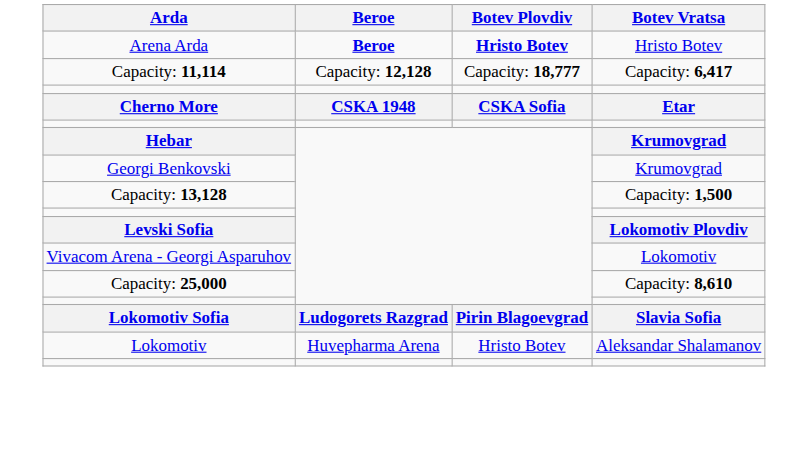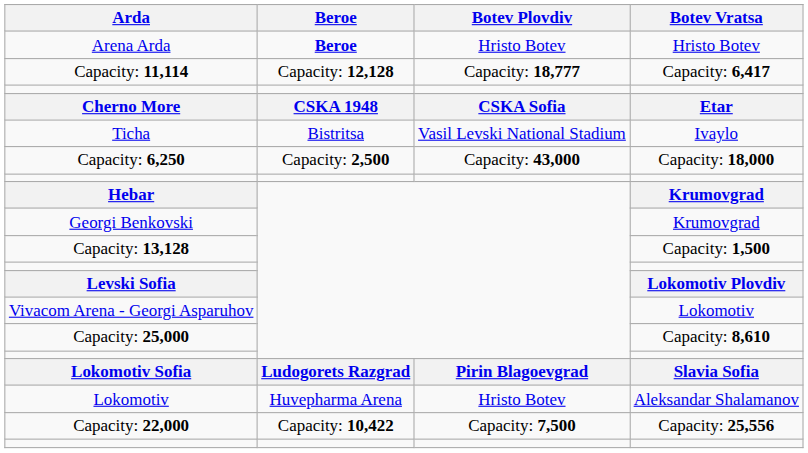 <table class="wikitable" style="text-align:center; margin:0.5em auto;">
 <tr>
 <th><a href='#'>Arda</a></th>
 <th><a href='#'>Beroe</a></th>
 <th><a href='#'>Botev Plovdiv</a></th>
 <th><a href='#'>Botev Vratsa</a></th>
 </tr>
 <tr>
 <td><a href='#'>Arena Arda</a></td>
 <td><strong><a href='#'>Beroe</a></strong></td>
-<td><strong><a href='#'>Hristo Botev</a></strong></td>
+<td><a href='#'>Hristo Botev</a></td>
 <td><a href='#'>Hristo Botev</a></td>
 </tr>
 <tr>
 <td>Capacity: <strong>11,114</strong></td>
 <td>Capacity: <strong>12,128</strong></td>
 <td>Capacity: <strong>18,777</strong></td>
 <td>Capacity: <strong>6,417</strong></td>
 </tr>
 <tr>
 <td></td>
 <td></td>
 <td></td>
 <td></td>
 </tr>
 <tr>
 <th><a href='#'>Cherno More</a></th>
 <th><a href='#'>CSKA 1948</a></th>
 <th><a href='#'>CSKA Sofia</a></th>
 <th><a href='#'>Etar</a></th>
+</tr>
+<tr>
+<td><a href='#'>Ticha</a></td>
+<td><a href='#'>Bistritsa</a></td>
+<td><a href='#'>Vasil Levski National Stadium</a></td>
+<td><a href='#'>Ivaylo</a></td>
+</tr>
+<tr>
+<td>Capacity: <strong>6,250</strong></td>
+<td>Capacity: <strong>2,500</strong></td>
+<td>Capacity: <strong>43,000</strong></td>
+<td>Capacity: <strong>18,000</strong></td>
 </tr>
 <tr>
 <td></td>
 <td></td>
 <td></td>
 <td></td>
 </tr>
 <tr>
 <th><a href='#'>Hebar</a></th>
 <td colspan="2" rowspan="8"><br> </td>
 <th><a href='#'>Krumovgrad</a></th>
 </tr>
 <tr>
 <td><a href='#'>Georgi Benkovski</a></td>
 <td><a href='#'>Krumovgrad</a></td>
 </tr>
 <tr>
 <td>Capacity: <strong>13,128</strong></td>
 <td>Capacity: <strong>1,500</strong></td>
 </tr>
 <tr>
 <td></td>
 <td></td>
 </tr>
 <tr>
 <th><a href='#'>Levski Sofia</a></th>
 <th><a href='#'>Lokomotiv Plovdiv</a></th>
 </tr>
 <tr>
 <td><a href='#'>Vivacom Arena - Georgi Asparuhov</a></td>
 <td><a href='#'>Lokomotiv</a></td>
 </tr>
 <tr>
 <td>Capacity: <strong>25,000</strong></td>
 <td>Capacity: <strong>8,610</strong></td>
 </tr>
 <tr>
 <td></td>
 <td></td>
 </tr>
 <tr>
 <th><a href='#'>Lokomotiv Sofia</a></th>
 <th><a href='#'>Ludogorets Razgrad</a></th>
 <th><a href='#'>Pirin Blagoevgrad</a></th>
 <th><a href='#'>Slavia Sofia</a></th>
 </tr>
 <tr>
 <td><a href='#'>Lokomotiv</a></td>
 <td><a href='#'>Huvepharma Arena</a></td>
 <td><a href='#'>Hristo Botev</a></td>
 <td><a href='#'>Aleksandar Shalamanov</a></td>
 </tr>
 <tr>
+<td>Capacity: <strong>22,000</strong></td>
+<td>Capacity: <strong>10,422</strong></td>
+<td>Capacity: <strong>7,500</strong></td>
+<td>Capacity: <strong>25,556</strong></td>
+</tr>
+<tr>
 <td></td>
 <td></td>
 <td></td>
 <td></td>
 </tr>
 </table>
